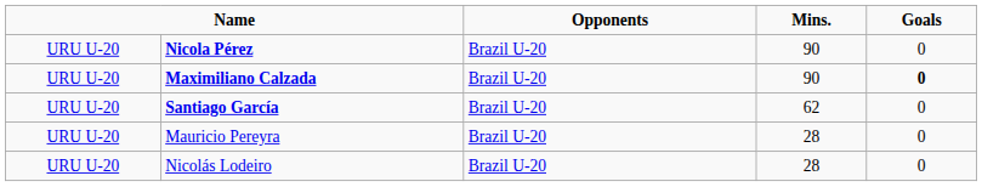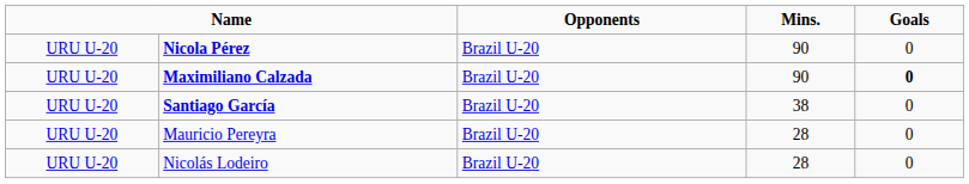 <table class= width=90% border="2" cellpadding="4" cellspacing="0" style="text-align=center: 1em 1em 1em 0; background: #f9f9f9; border: 1px #aaa solid; border-collapse: collapse; font-size: 95%;">
 <tr>
 <th width=25% colspan=2>Name</th>
 <th width=16%>Opponents</th>
 <th width=6%>Mins.</th>
 <th width=6%>Goals</th>
 </tr>
 <tr>
 <td align=center> <a href='#'>URU U-20</a></td>
 <td><strong><a href='#'>Nicola Pérez</a></strong></td>
 <td> <a href='#'>Brazil U-20</a></td>
 <td align=center>90</td>
 <td align=center>0</td>
 </tr>
 <tr>
 <td align=center> <a href='#'>URU U-20</a></td>
 <td><strong><a href='#'>Maximiliano Calzada</a></strong></td>
 <td> <a href='#'>Brazil U-20</a></td>
 <td align=center>90</td>
 <td align=center><strong>0</strong></td>
 </tr>
 <tr>
 <td align=center> <a href='#'>URU U-20</a></td>
 <td><strong><a href='#'>Santiago García</a></strong></td>
 <td> <a href='#'>Brazil U-20</a></td>
-<td align=center>62</td>
+<td align=center>38</td>
 <td align=center>0</td>
 </tr>
 <tr>
 <td align=center> <a href='#'>URU U-20</a></td>
 <td><a href='#'>Mauricio Pereyra</a></td>
 <td> <a href='#'>Brazil U-20</a></td>
 <td align=center>28</td>
 <td align=center>0</td>
 </tr>
 <tr>
 <td align=center> <a href='#'>URU U-20</a></td>
 <td><a href='#'>Nicolás Lodeiro</a></td>
 <td> <a href='#'>Brazil U-20</a></td>
 <td align=center>28</td>
 <td align=center>0</td>
 </tr>
 </table>
